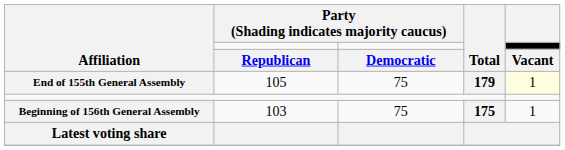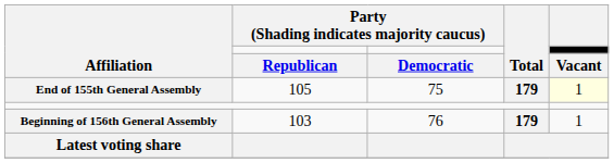 <table class=wikitable style="text-align:center; width:50%">
 <tr style="vertical-align:bottom;">
 <th rowspan=3>Affiliation</th>
 <th colspan="2">Party <div>(Shading indicates majority caucus)</div></th>
 <th rowspan=3>Total</th>
 <th></th>
 </tr>
 <tr style="height:5px">
 <td style="background-color:"></td>
 <td style="background-color:"></td>
 <td style="background-color:black"></td>
 </tr>
 <tr>
 <th><a href='#'>Republican</a></th>
 <th><a href='#'>Democratic</a></th>
 <th>Vacant</th>
 </tr>
 <tr>
 <th nowrap style="font-size:80%">End of 155th General Assembly</th>
 <td>105</td>
 <td>75</td>
 <th>179</th>
 <td style="background: lightyellow;">1</td>
 </tr>
 <tr>
 <td colspan="4"></td>
 </tr>
 <tr>
 <th nowrap style="font-size:80%">Beginning of 156th General Assembly</th>
 <td>103</td>
-<td>75</td>
-<th>175</th>
+<td>76</td>
+<th>179</th>
 <td>1</td>
 </tr>
 <tr>
 <th>Latest voting share</th>
 <th colspan=1 ></th>
 <th></th>
 <th colspan=2></th>
 </tr>
 <tr>
 </tr>
 </table>
